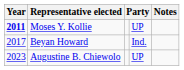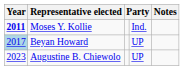 <table class="wikitable">
 <tr>
 <th>Year</th>
 <th>Representative elected</th>
 <th colspan=2>Party</th>
 <th>Notes</th>
 </tr>
 <tr>
 <td><strong><a href='#'>2011</a></strong></td>
 <td><a href='#'>Moses Y. Kollie</a></td>
 <td></td>
-<td><a href='#'>UP</a></td>
+<td><a href='#'>Ind.</a></td>
 <td></td>
 </tr>
 <tr>
-<td><a href='#'>2017</a></td>
+<td style="background: lightblue;"><a href='#'>2017</a></td>
 <td><a href='#'>Beyan Howard</a></td>
 <td></td>
-<td><a href='#'>Ind.</a></td>
+<td><a href='#'>UP</a></td>
 <td></td>
 </tr>
 <tr>
 <td><a href='#'>2023</a></td>
 <td><a href='#'>Augustine B. Chiewolo</a></td>
 <td></td>
 <td><a href='#'>UP</a></td>
 <td></td>
 </tr>
 </table>
